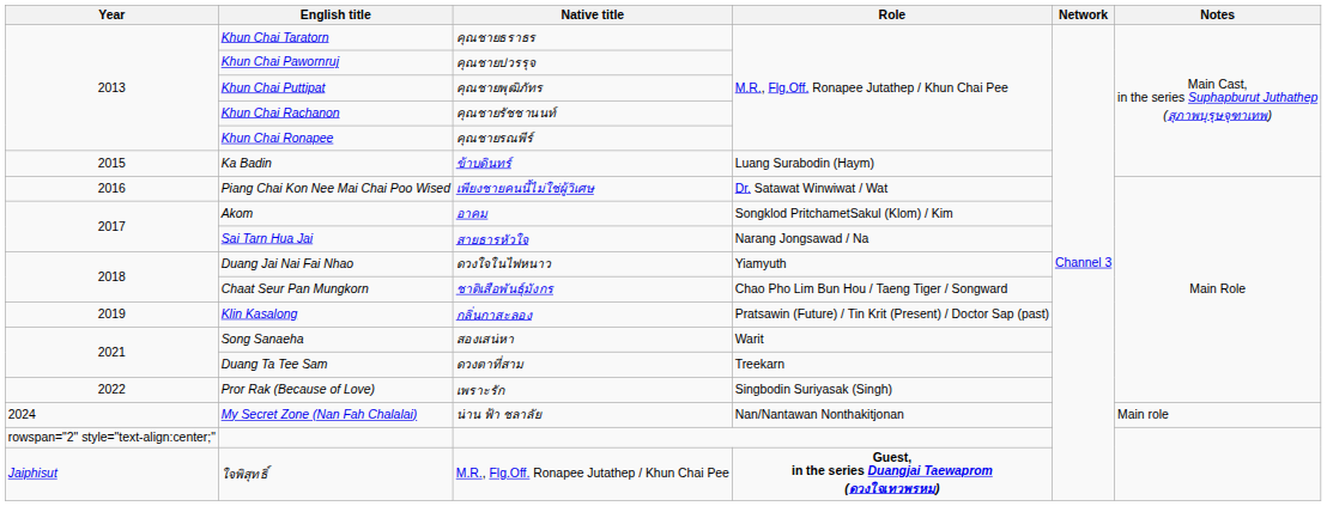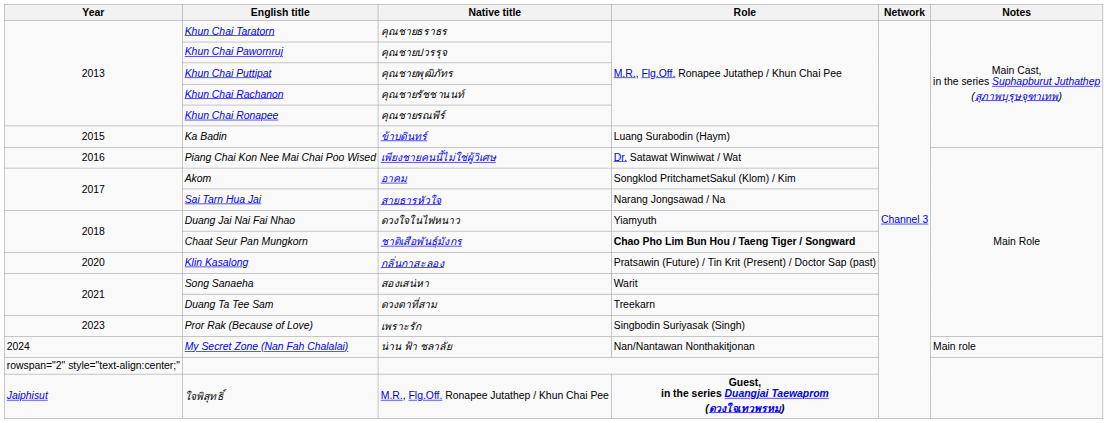 <table class="wikitable sortable">
 <tr>
 <th>Year</th>
 <th>English title</th>
 <th>Native title</th>
 <th>Role</th>
 <th>Network</th>
 <th class="unsortable" style="text-align:center;">Notes</th>
 </tr>
 <tr>
 <td rowspan="5" style="text-align:center;">2013</td>
 <td><em><a href='#'>Khun Chai Taratorn</a></em></td>
 <td><em>คุณชายธราธร</em></td>
 <td rowspan="5"><a href='#'>M.R.</a>, <a href='#'>Flg.Off.</a> Ronapee Jutathep / Khun Chai Pee</td>
 <td rowspan="23" align="center"><a href='#'>Channel 3</a></td>
 <td rowspan="6" style="text-align:center;">Main Cast,<br>in the series <em><a href='#'>Suphapburut Juthathep</a></em><br><em>(<a href='#'>สุภาพบุรุษจุฑาเทพ</a>)</em></td>
 </tr>
 <tr>
 <td><em><a href='#'>Khun Chai Pawornruj</a></em></td>
 <td><em>คุณชายปวรรุจ</em></td>
 </tr>
 <tr>
 <td><em><a href='#'>Khun Chai Puttipat</a></em></td>
 <td><em>คุณชายพุฒิภัทร</em></td>
 </tr>
 <tr>
 <td><em><a href='#'>Khun Chai Rachanon</a></em></td>
 <td><em>คุณชายรัชชานนท์</em></td>
 </tr>
 <tr>
 <td><em><a href='#'>Khun Chai Ronapee</a> </em></td>
 <td><em>คุณชายรณพีร์</em></td>
 </tr>
 <tr>
 <td style="text-align:center;">2015</td>
 <td><em>Ka Badin</em></td>
 <td><em><a href='#'>ข้าบดินทร์</a></em></td>
 <td>Luang Surabodin (Haym)</td>
 </tr>
 <tr>
 <td rowspan="1" style="text-align:center;">2016</td>
 <td><em>Piang Chai Kon Nee Mai Chai Poo Wised</em></td>
 <td><em><a href='#'>เพียงชายคนนี้ไม่ใช่ผู้วิเศษ</a></em></td>
 <td><a href='#'>Dr.</a> Satawat Winwiwat / Wat</td>
 <td rowspan="9" style="text-align:center;">Main Role</td>
 </tr>
 <tr>
 <td rowspan="2" style="text-align:center;">2017</td>
 <td><em>Akom</em></td>
 <td><em><a href='#'>อาคม</a></em></td>
 <td>Songklod PritchametSakul (Klom) / Kim</td>
 </tr>
 <tr>
 <td><em><a href='#'>Sai Tarn Hua Jai</a></em></td>
 <td><em><a href='#'>สายธารหัวใจ</a></em></td>
 <td>Narang Jongsawad / Na</td>
 </tr>
 <tr>
 <td rowspan="2" style="text-align:center;">2018</td>
 <td><em>Duang Jai Nai Fai Nhao </em></td>
 <td><em>ดวงใจในไฟหนาว</em></td>
 <td>Yiamyuth</td>
 </tr>
 <tr>
 <td><em>Chaat Seur Pan Mungkorn</em></td>
 <td><em><a href='#'>ชาติเสือพันธุ์มังกร</a></em></td>
-<td>Chao Pho Lim Bun Hou / Taeng Tiger / Songward</td>
+<td><strong>Chao Pho Lim Bun Hou / Taeng Tiger / Songward</strong></td>
 </tr>
 <tr>
-<td rowspan="1" style="text-align:center;">2019</td>
+<td rowspan="1" style="text-align:center;">2020</td>
 <td><em><a href='#'>Klin Kasalong</a></em></td>
 <td><em><a href='#'>กลิ่นกาสะลอง</a></em></td>
 <td>Pratsawin (Future) / Tin Krit (Present) / Doctor Sap (past)</td>
 </tr>
 <tr>
 <td rowspan="2" style="text-align:center;">2021</td>
 <td><em>Song Sanaeha</em></td>
 <td><em>สองเสน่หา</em></td>
 <td>Warit</td>
 </tr>
 <tr>
 <td><em>Duang Ta Tee Sam</em></td>
 <td><em>ดวงตาที่สาม</em></td>
 <td>Treekarn</td>
 </tr>
 <tr>
-<td rowspan="1" style="text-align:center;">2022</td>
+<td rowspan="1" style="text-align:center;">2023</td>
 <td><em>Pror Rak (Because of Love)</em></td>
 <td><em>เพราะรัก</em></td>
 <td>Singbodin Suriyasak (Singh)</td>
 </tr>
 <tr>
 <td>2024</td>
 <td><em><a href='#'>My Secret Zone (Nan Fah Chalalai)</a></em></td>
 <td><em>น่าน ฟ้า ชลาลัย</em></td>
 <td>Nan/Nantawan Nonthakitjonan</td>
 <td>Main role</td>
 </tr>
 <tr>
 <td>rowspan="2" style="text-align:center;" </td>
 <td></td>
 </tr>
 <tr>
 <td><em><a href='#'>Jaiphisut</a></em></td>
 <td><em>ใจพิสุทธิ์</em></td>
 <td><a href='#'>M.R.</a>, <a href='#'>Flg.Off.</a> Ronapee Jutathep / Khun Chai Pee</td>
 <td style="text-align:center;"><strong>Guest,<br>in the series <em><a href='#'>Duangjai Taewaprom</a></em><br><em>(<a href='#'>ดวงใจเทวพรหม</a>)</em></strong></td>
 </tr>
 </table>
